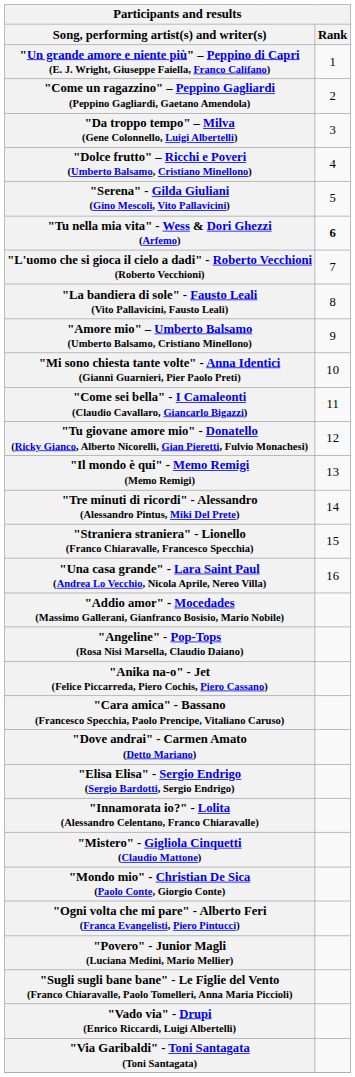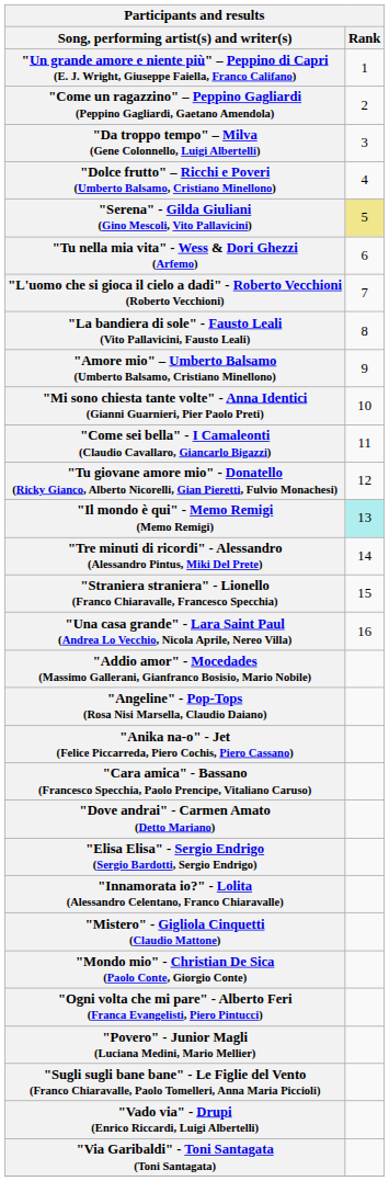 <table class="plainrowheaders wikitable">
 <tr>
 <th colspan="3">Participants and results</th>
 </tr>
 <tr>
 <th>Song, performing artist(s) and writer(s)</th>
 <th>Rank</th>
 </tr>
 <tr>
 <th scope="row">"<a href='#'>Un grande amore e niente più</a>" –  <a href='#'>Peppino di Capri</a>  <br><small> 	 	(E. J. Wright, Giuseppe Faiella, <a href='#'>Franco Califano</a>)</small></th>
 <td style="text-align:center;">1</td>
 </tr>
 <tr>
 <th scope="row">"Come un ragazzino" – <a href='#'>Peppino Gagliardi</a>  <br><small>(Peppino Gagliardi, Gaetano Amendola)</small></th>
 <td style="text-align:center;">2</td>
 </tr>
 <tr>
 <th scope="row">"Da troppo tempo" – <a href='#'>Milva</a>  <br><small> 	 	 	(Gene Colonnello, <a href='#'>Luigi Albertelli</a>)</small></th>
 <td style="text-align:center;">3</td>
 </tr>
 <tr>
 <th scope="row">"Dolce frutto"  –  	<a href='#'>Ricchi e Poveri</a> <br><small> 	(<a href='#'>Umberto Balsamo</a>, <a href='#'>Cristiano Minellono</a>)</small></th>
 <td style="text-align:center;">4</td>
 </tr>
 <tr>
 <th scope="row">"Serena" -  	 	 	<a href='#'>Gilda Giuliani</a> <br><small>(<a href='#'>Gino Mescoli</a>, <a href='#'>Vito Pallavicini</a>) </small></th>
-<td style="text-align:center;">5</td>
+<td style="background: khaki; text-align:center;">5</td>
 </tr>
 <tr>
 <th scope="row">"Tu nella mia vita" -  	 <a href='#'>Wess</a> & <a href='#'>Dori Ghezzi</a> 	 <br><small>(<a href='#'>Arfemo</a>)</small></th>
-<td style="text-align:center;"><strong>6</strong></td>
+<td style="text-align:center;">6</td>
 </tr>
 <tr>
 <th scope="row">"L'uomo che si gioca il cielo a dadi" -   	 	<a href='#'>Roberto Vecchioni</a> <br><small> (Roberto Vecchioni) </small></th>
 <td style="text-align:center;">7</td>
 </tr>
 <tr>
 <th scope="row">"La bandiera di sole" -   	<a href='#'>Fausto Leali</a>  <br><small> 	(Vito Pallavicini, Fausto Leali) </small></th>
 <td style="text-align:center;">8</td>
 </tr>
 <tr>
 <th scope="row">"Amore mio" – 	 <a href='#'>Umberto Balsamo</a>  <br><small> 	 	(Umberto Balsamo, Cristiano Minellono) </small></th>
 <td style="text-align:center;">9</td>
 </tr>
 <tr>
 <th scope="row">"Mi sono chiesta tante volte" -  	<a href='#'>Anna Identici</a>  <br><small> 	(Gianni Guarnieri, Pier Paolo Preti)</small></th>
 <td style="text-align:center;">10</td>
 </tr>
 <tr>
 <th scope="row">"Come sei bella" -  	 <a href='#'>I Camaleonti</a> <br><small>  	(Claudio Cavallaro, <a href='#'>Giancarlo Bigazzi</a>) </small></th>
 <td style="text-align:center;">11</td>
 </tr>
 <tr>
 <th scope="row">"Tu giovane amore mio" -  	<a href='#'>Donatello</a> <br><small> 	(<a href='#'>Ricky Gianco</a>, Alberto Nicorelli, <a href='#'>Gian Pieretti</a>, Fulvio Monachesi) </small></th>
 <td style="text-align:center;">12</td>
 </tr>
 <tr>
 <th scope="row">"Il mondo è qui" - <a href='#'>Memo Remigi</a> <br><small> 	(Memo Remigi) </small></th>
-<td style="text-align:center;">13</td>
+<td style="background: paleturquoise; text-align:center;">13</td>
 </tr>
 <tr>
 <th scope="row">"Tre minuti di ricordi" - Alessandro <br><small> 	(Alessandro Pintus, <a href='#'>Miki Del Prete</a>) </small></th>
 <td style="text-align:center;">14</td>
 </tr>
 <tr>
 <th scope="row">"Straniera straniera" - Lionello <br><small> 	(Franco Chiaravalle, Francesco Specchia) </small></th>
 <td style="text-align:center;">15</td>
 </tr>
 <tr>
 <th scope="row">"Una casa grande" - <a href='#'>Lara Saint Paul</a> <br><small> 	 	(<a href='#'>Andrea Lo Vecchio</a>, Nicola Aprile, Nereo Villa)</small></th>
 <td style="text-align:center;">16</td>
 </tr>
 <tr>
 <th scope="row">"Addio amor" -   	<a href='#'>Mocedades</a> <br><small> (Massimo Gallerani, Gianfranco Bosisio, Mario Nobile) </small></th>
 <td></td>
 </tr>
 <tr>
 <th scope="row">"Angeline" - <a href='#'>Pop-Tops</a> <br><small>  	(Rosa Nisi Marsella, Claudio Daiano) </small></th>
 <td></td>
 </tr>
 <tr>
 <th scope="row">"Anika na-o" -  Jet <br><small> 	(Felice Piccarreda, Piero Cochis, <a href='#'>Piero Cassano</a>) 	 </small></th>
 <td></td>
 </tr>
 <tr>
 <th scope="row">"Cara amica" -  	Bassano <br><small> (Francesco Specchia, Paolo Prencipe, Vitaliano Caruso) </small></th>
 <td></td>
 </tr>
 <tr>
 <th scope="row">"Dove andrai" -  	Carmen Amato <br><small> 	(<a href='#'>Detto Mariano</a>)</small></th>
 <td></td>
 </tr>
 <tr>
 <th scope="row">"Elisa Elisa" -   <a href='#'>Sergio Endrigo</a> <br><small> 	(<a href='#'>Sergio Bardotti</a>, Sergio Endrigo) </small></th>
 <td></td>
 </tr>
 <tr>
 <th scope="row">"Innamorata io?" -    	<a href='#'>Lolita</a> <br><small> 	(Alessandro Celentano, Franco Chiaravalle) </small></th>
 <td></td>
 </tr>
 <tr>
 <th scope="row">"Mistero" -   	<a href='#'>Gigliola Cinquetti</a> <br><small> 	(<a href='#'>Claudio Mattone</a>) </small></th>
 <td></td>
 </tr>
 <tr>
 <th scope="row">"Mondo mio" -   <a href='#'>Christian De Sica</a> <br><small> 	(<a href='#'>Paolo Conte</a>, Giorgio Conte) </small></th>
 <td></td>
 </tr>
 <tr>
 <th scope="row">"Ogni volta che mi pare" -   	Alberto Feri <br><small> 	(<a href='#'>Franca Evangelisti</a>, <a href='#'>Piero Pintucci</a>) </small></th>
 <td></td>
 </tr>
 <tr>
 <th scope="row">"Povero" -    	Junior Magli <br><small> 	(Luciana Medini, Mario Mellier) </small></th>
 <td></td>
 </tr>
 <tr>
 <th scope="row">"Sugli sugli bane bane" -   Le Figlie del Vento  <br><small> 	 	(Franco Chiaravalle, Paolo Tomelleri, Anna Maria Piccioli) </small></th>
 <td></td>
 </tr>
 <tr>
 <th scope="row">"Vado via" -   <a href='#'>Drupi</a>  <br><small> 	 	 	(Enrico Riccardi, Luigi Albertelli) </small></th>
 <td></td>
 </tr>
 <tr>
 <th scope="row">"Via Garibaldi" -   <a href='#'>Toni Santagata</a>  <br><small> 	 	(Toni Santagata) </small></th>
 <td></td>
 </tr>
 <tr>
 </tr>
 </table>
